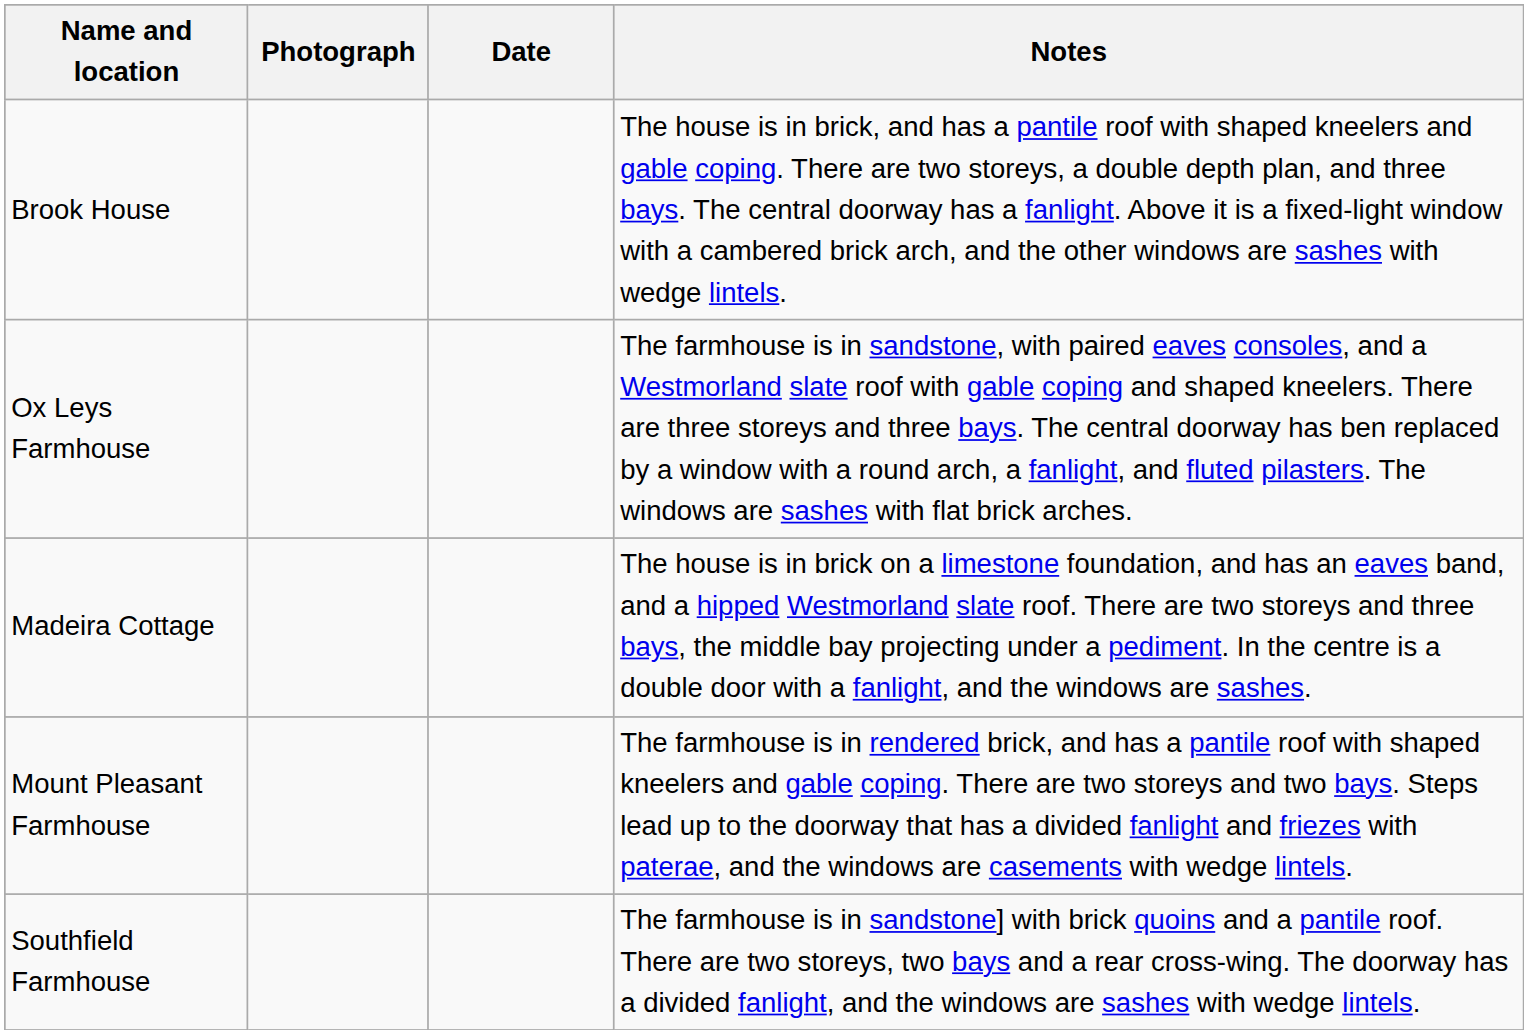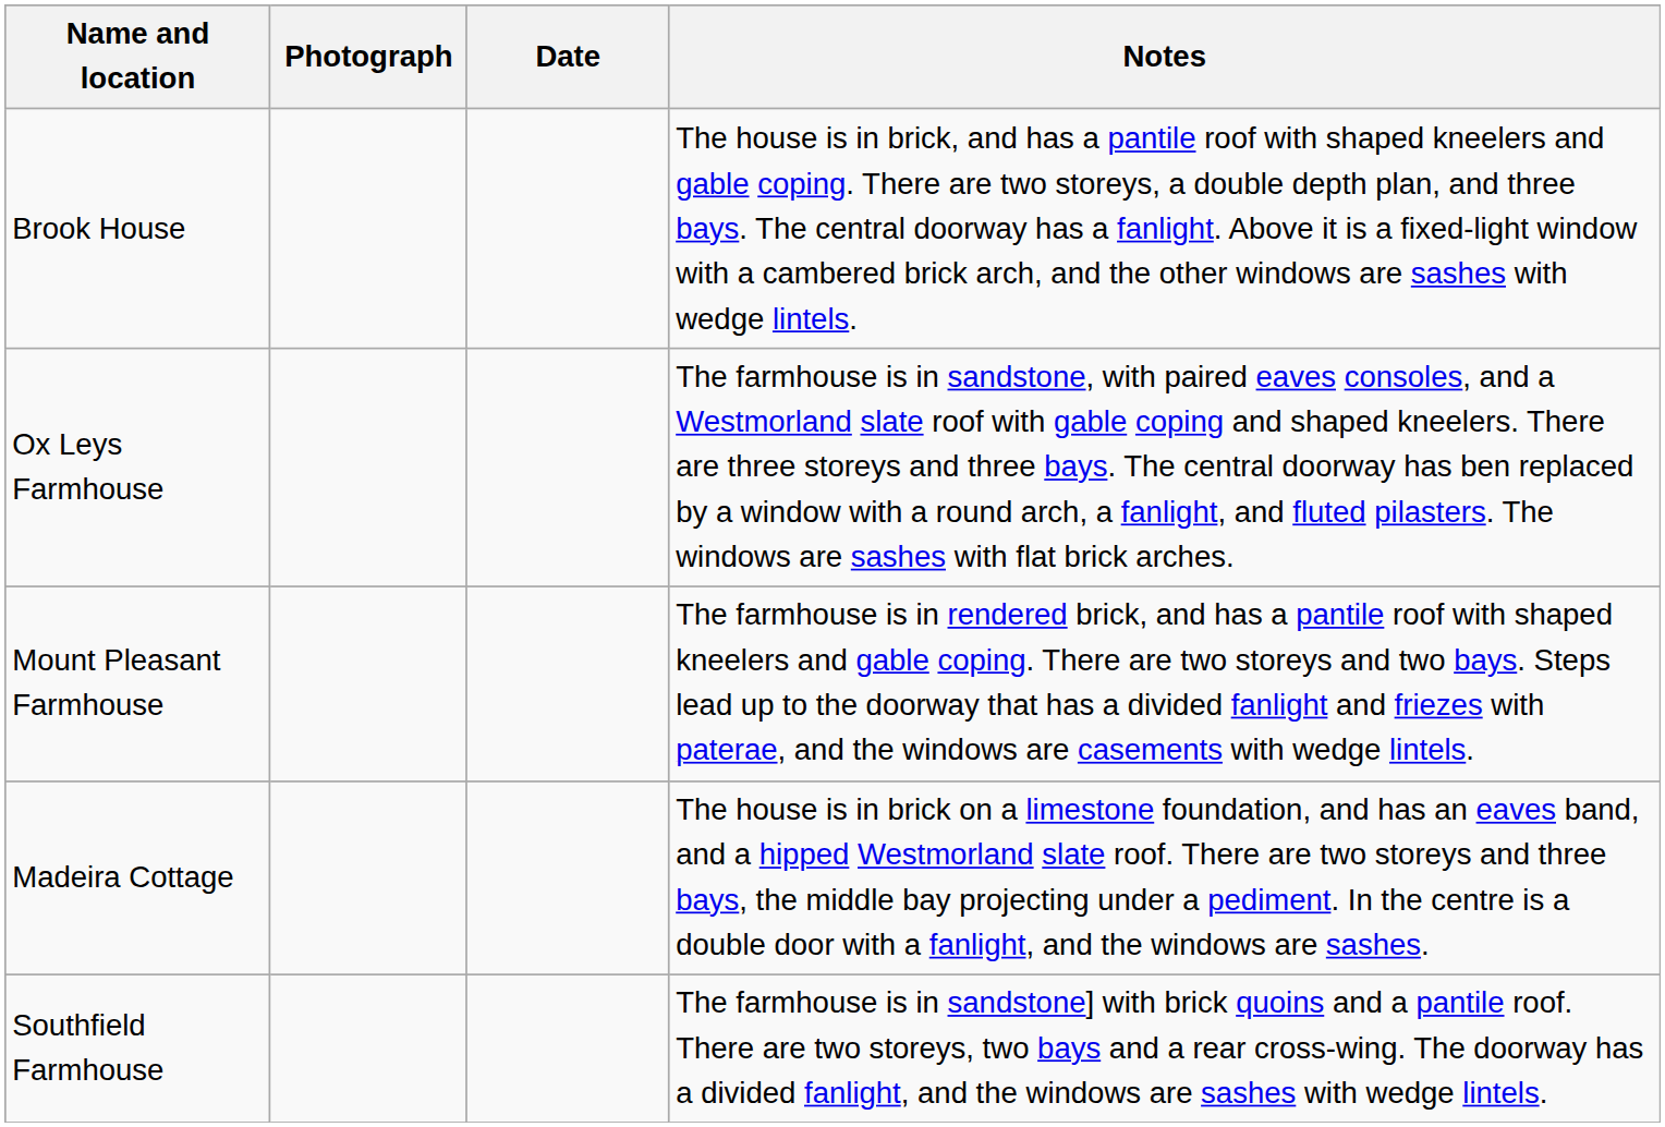 <table class="wikitable sortable plainrowheaders" style="width:100%;border:0px;text-align:left;line-height:150%;">
 <tr>
 <th scope="col"  style="width:150px">Name and location</th>
 <th scope="col"  style="width:100px" class="unsortable">Photograph</th>
 <th scope="col"  style="width:120px">Date</th>
 <th scope="col"  style="width:650px" class="unsortable">Notes</th>
 </tr>
 <tr>
 <td>Brook House<br><small></small></td>
 <td></td>
 <td align="center"></td>
 <td>The house is in brick, and has a <a href='#'>pantile</a> roof with shaped kneelers and <a href='#'>gable</a> <a href='#'>coping</a>. There are two storeys, a double depth plan, and three <a href='#'>bays</a>. The central doorway has a <a href='#'>fanlight</a>. Above it is a fixed-light window with a cambered brick arch, and the other windows are <a href='#'>sashes</a> with wedge <a href='#'>lintels</a>.</td>
 </tr>
 <tr>
 <td>Ox Leys Farmhouse<br><small></small></td>
 <td></td>
 <td align="center"></td>
 <td>The farmhouse is in <a href='#'>sandstone</a>, with paired <a href='#'>eaves</a> <a href='#'>consoles</a>, and a <a href='#'>Westmorland</a> <a href='#'>slate</a> roof with <a href='#'>gable</a> <a href='#'>coping</a> and shaped kneelers. There are three storeys and three <a href='#'>bays</a>. The central doorway has ben replaced by a window with a round arch, a <a href='#'>fanlight</a>, and <a href='#'>fluted</a> <a href='#'>pilasters</a>. The windows are <a href='#'>sashes</a> with flat brick arches.</td>
 </tr>
 <tr>
+<td>Mount Pleasant Farmhouse<br><small></small></td>
+<td></td>
+<td align="center"></td>
+<td>The farmhouse is in <a href='#'>rendered</a> brick, and has a <a href='#'>pantile</a> roof with shaped kneelers and <a href='#'>gable</a> <a href='#'>coping</a>. There are two storeys and two <a href='#'>bays</a>. Steps lead up to the doorway that has a divided <a href='#'>fanlight</a> and <a href='#'>friezes</a> with <a href='#'>paterae</a>, and the windows are <a href='#'>casements</a> with wedge <a href='#'>lintels</a>.</td>
+</tr>
+<tr>
 <td>Madeira Cottage<br><small></small></td>
 <td></td>
 <td align="center"></td>
 <td>The house is in brick on a <a href='#'>limestone</a> foundation, and has an <a href='#'>eaves</a> band, and a <a href='#'>hipped</a> <a href='#'>Westmorland</a> <a href='#'>slate</a> roof. There are two storeys and three <a href='#'>bays</a>, the middle bay projecting under a <a href='#'>pediment</a>. In the centre is a double door with a <a href='#'>fanlight</a>, and the windows are <a href='#'>sashes</a>.</td>
-</tr>
-<tr>
-<td>Mount Pleasant Farmhouse<br><small></small></td>
-<td></td>
-<td align="center"></td>
-<td>The farmhouse is in <a href='#'>rendered</a> brick, and has a <a href='#'>pantile</a> roof with shaped kneelers and <a href='#'>gable</a> <a href='#'>coping</a>. There are two storeys and two <a href='#'>bays</a>. Steps lead up to the doorway that has a divided <a href='#'>fanlight</a> and <a href='#'>friezes</a> with <a href='#'>paterae</a>, and the windows are <a href='#'>casements</a> with wedge <a href='#'>lintels</a>.</td>
 </tr>
 <tr>
 <td>Southfield Farmhouse<br><small></small></td>
 <td></td>
 <td align="center"></td>
 <td>The farmhouse is in <a href='#'>sandstone</a>] with brick <a href='#'>quoins</a> and a <a href='#'>pantile</a> roof. There are two storeys, two <a href='#'>bays</a> and a rear cross-wing. The doorway has a divided <a href='#'>fanlight</a>, and the windows are <a href='#'>sashes</a> with wedge <a href='#'>lintels</a>.</td>
 </tr>
 <tr>
 </tr>
 </table>
